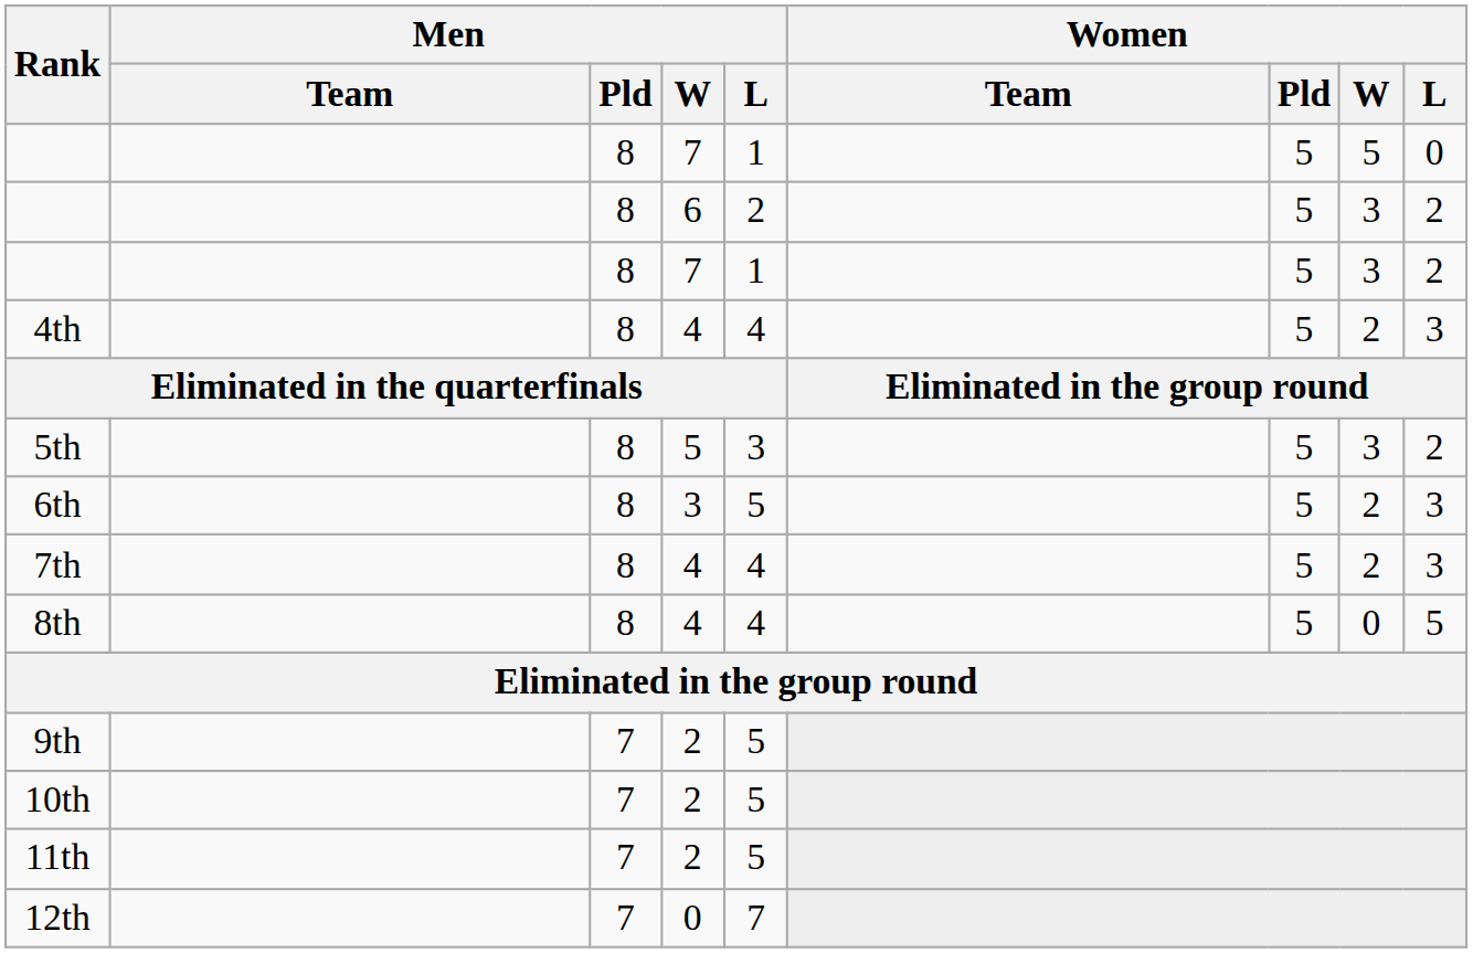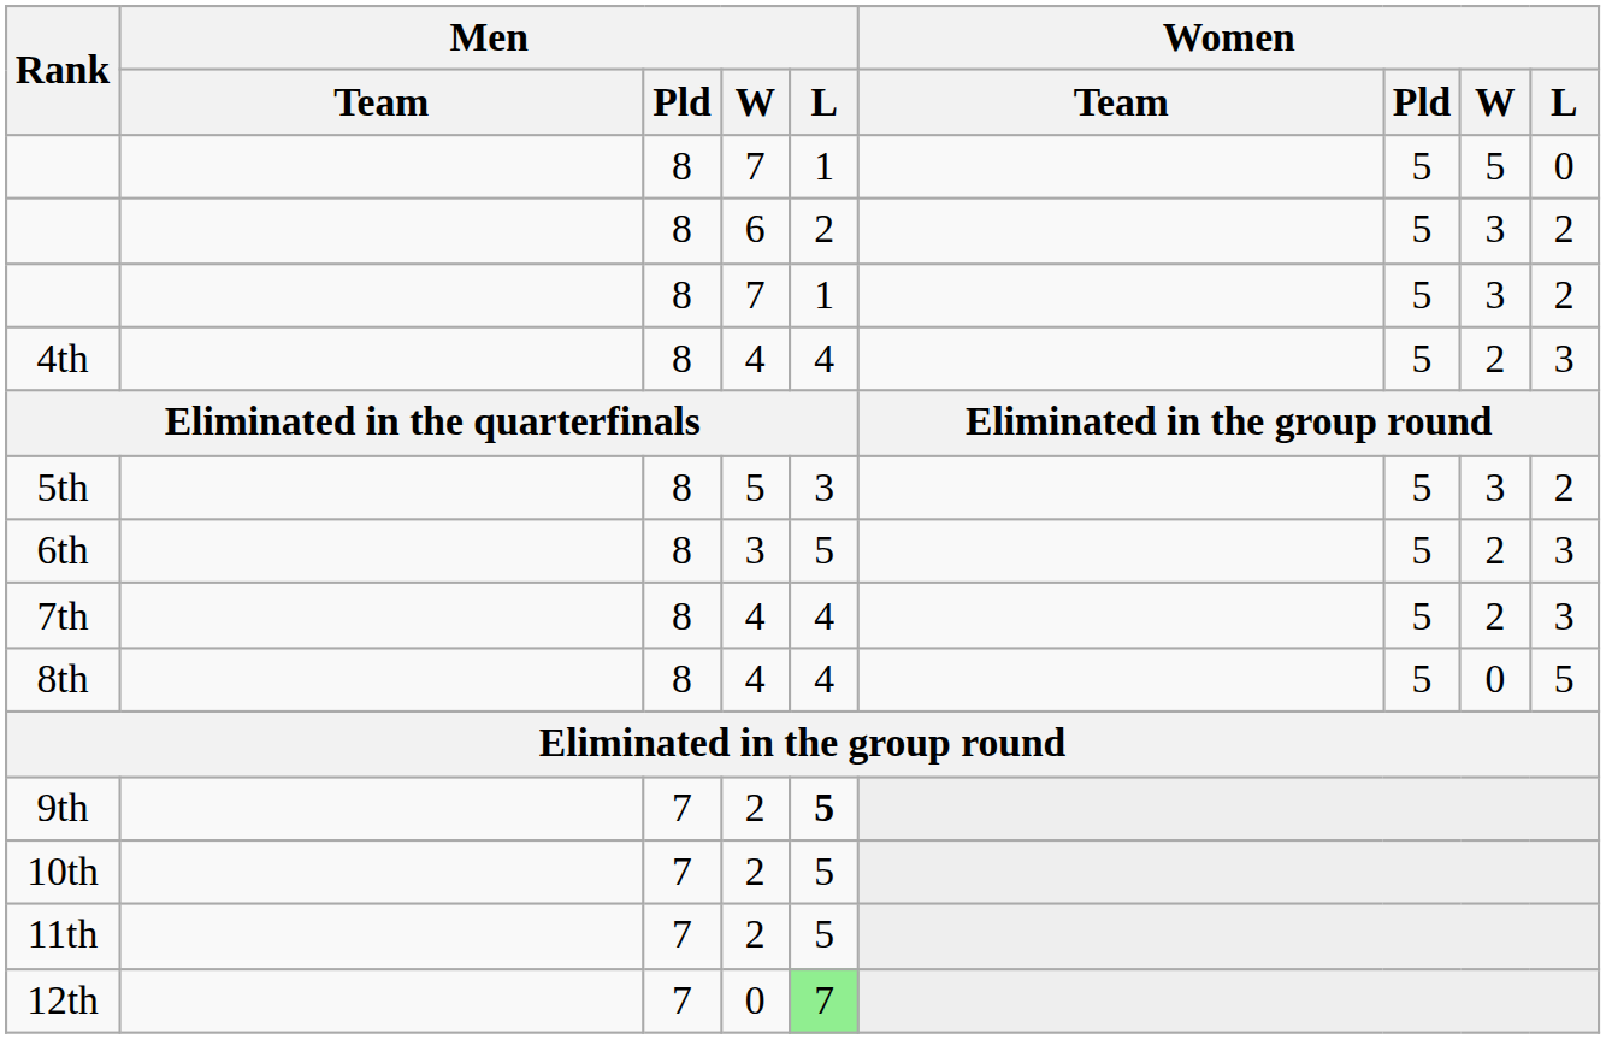 <table class=wikitable>
 <tr>
 <th rowspan=2>Rank</th>
 <th colspan=4>Men</th>
 <th colspan=4>Women</th>
 </tr>
 <tr>
 <th width=200px>Team</th>
 <th width=20px>Pld</th>
 <th width=20px>W</th>
 <th width=20px>L</th>
 <th width=200px>Team</th>
 <th width=20px>Pld</th>
 <th width=20px>W</th>
 <th width=20px>L</th>
 </tr>
 <tr align=center>
 <td></td>
 <td align=left></td>
 <td>8</td>
 <td>7</td>
 <td>1</td>
 <td align=left></td>
 <td>5</td>
 <td>5</td>
 <td>0</td>
 </tr>
 <tr align=center>
 <td></td>
 <td align=left></td>
 <td>8</td>
 <td>6</td>
 <td>2</td>
 <td align=left></td>
 <td>5</td>
 <td>3</td>
 <td>2</td>
 </tr>
 <tr align=center>
 <td></td>
 <td align=left></td>
 <td>8</td>
 <td>7</td>
 <td>1</td>
 <td align=left></td>
 <td>5</td>
 <td>3</td>
 <td>2</td>
 </tr>
 <tr align=center>
 <td>4th</td>
 <td align=left></td>
 <td>8</td>
 <td>4</td>
 <td>4</td>
 <td align=left></td>
 <td>5</td>
 <td>2</td>
 <td>3</td>
 </tr>
 <tr>
 <th colspan=5>Eliminated in the quarterfinals</th>
 <th colspan=4>Eliminated in the group round</th>
 </tr>
 <tr align=center>
 <td>5th</td>
 <td align=left></td>
 <td>8</td>
 <td>5</td>
 <td>3</td>
 <td align=left></td>
 <td>5</td>
 <td>3</td>
 <td>2</td>
 </tr>
 <tr align=center>
 <td>6th</td>
 <td align=left></td>
 <td>8</td>
 <td>3</td>
 <td>5</td>
 <td align=left></td>
 <td>5</td>
 <td>2</td>
 <td>3</td>
 </tr>
 <tr align=center>
 <td>7th</td>
 <td align=left></td>
 <td>8</td>
 <td>4</td>
 <td>4</td>
 <td align=left></td>
 <td>5</td>
 <td>2</td>
 <td>3</td>
 </tr>
 <tr align=center>
 <td>8th</td>
 <td align=left></td>
 <td>8</td>
 <td>4</td>
 <td>4</td>
 <td align=left></td>
 <td>5</td>
 <td>0</td>
 <td>5</td>
 </tr>
 <tr>
 <th colspan=9>Eliminated in the group round</th>
 </tr>
 <tr align=center>
 <td>9th</td>
 <td align=left></td>
 <td>7</td>
 <td>2</td>
-<td>5</td>
+<td><strong>5</strong></td>
 <td colspan=4 bgcolor=#eee></td>
 </tr>
 <tr align=center>
 <td>10th</td>
 <td align=left></td>
 <td>7</td>
 <td>2</td>
 <td>5</td>
 <td colspan=4 bgcolor=#eee></td>
 </tr>
 <tr align=center>
 <td>11th</td>
 <td align=left></td>
 <td>7</td>
 <td>2</td>
 <td>5</td>
 <td colspan=4 bgcolor=#eee></td>
 </tr>
 <tr align=center>
 <td>12th</td>
 <td align=left></td>
 <td>7</td>
 <td>0</td>
-<td>7</td>
+<td style="background: lightgreen;">7</td>
 <td colspan=4 bgcolor=#eee></td>
 </tr>
 </table>
